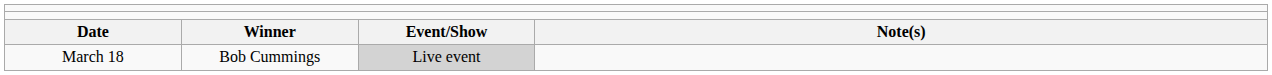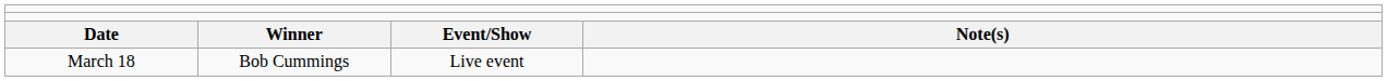 <table class="wikitable" style="text-align:center; width:100%;">
 <tr>
 <td colspan=5></td>
 </tr>
 <tr>
 <td colspan=5><strong></strong></td>
 </tr>
 <tr>
 <th width=14%>Date</th>
 <th width=14%>Winner</th>
 <th width=14%>Event/Show</th>
 <th width=58%>Note(s)</th>
 </tr>
 <tr>
 <td>March 18</td>
 <td>Bob Cummings</td>
-<td style="background: lightgrey;">Live event</td>
+<td>Live event</td>
 <td align=left></td>
 </tr>
 </table>
